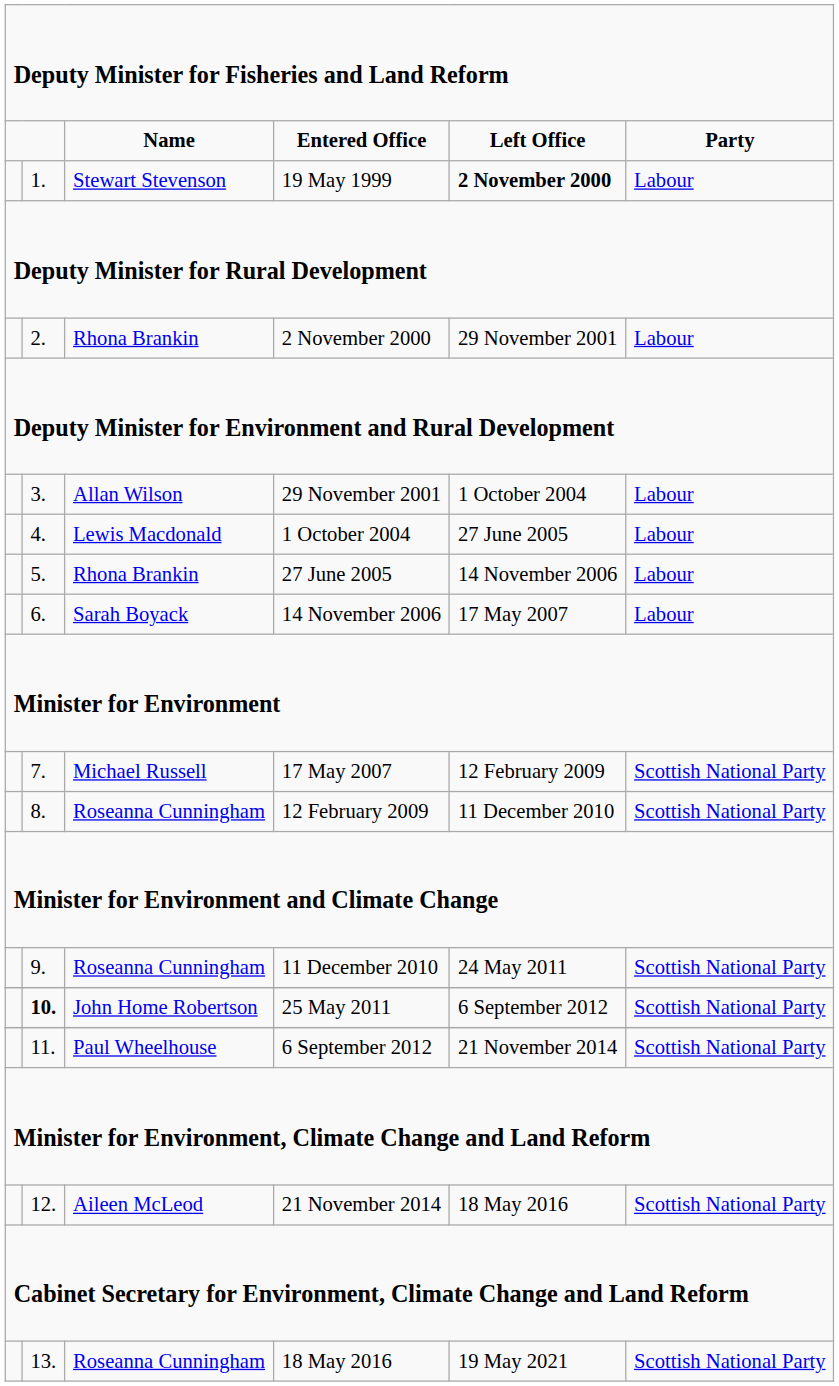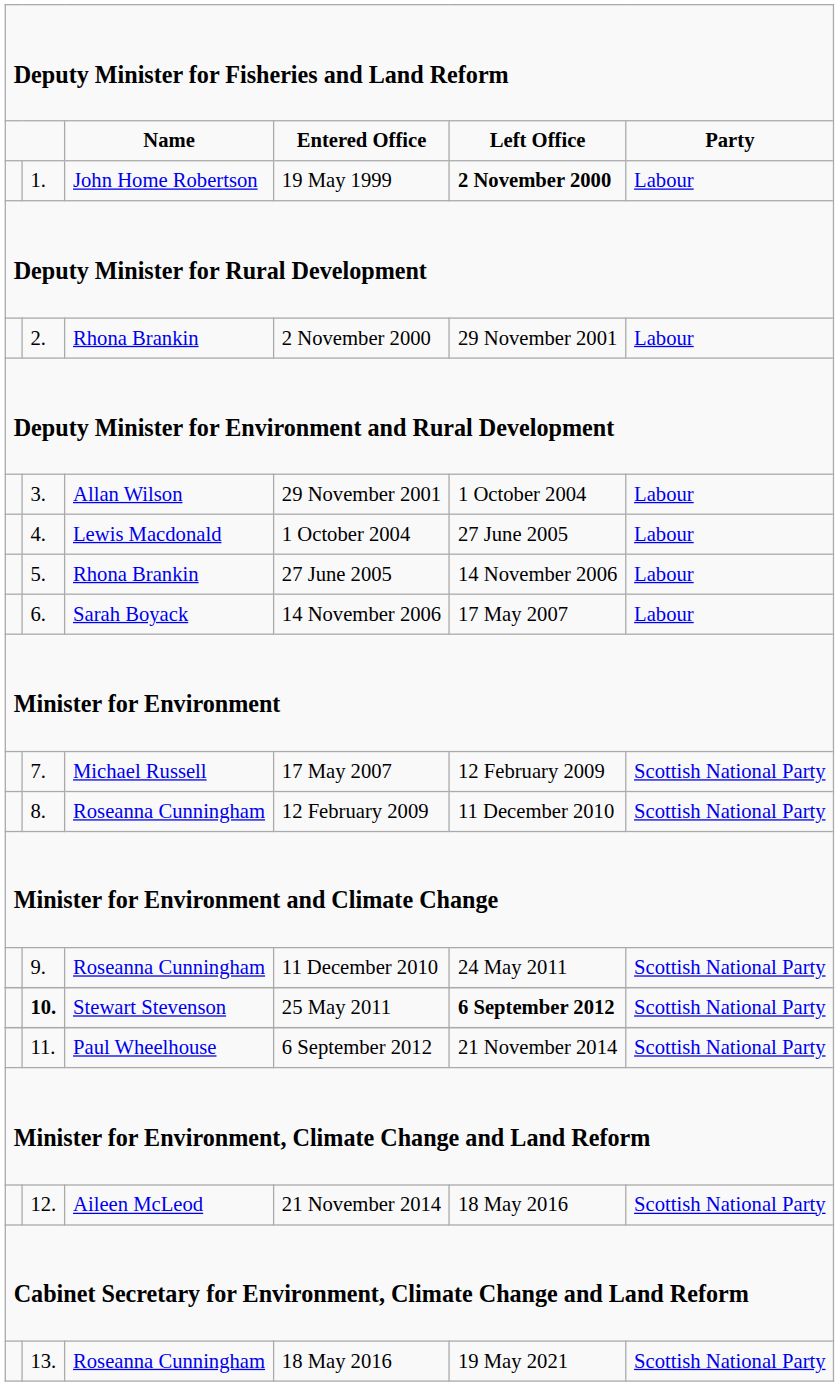 <table border="1" cellpadding="6" cellspacing="0" style="margin: 0 0 0 1em; background: #f9f9f9; border: 1px #aaaaaa solid; border-collapse: collapse; ">
 <tr>
 <td colspan="6"><br><h3>Deputy Minister for Fisheries and Land Reform</h3></td>
 </tr>
 <tr>
 <th colspan="2"></th>
 <th>Name</th>
 <th>Entered Office</th>
 <th>Left Office</th>
 <th>Party</th>
 </tr>
 <tr>
 <td></td>
 <td>1.</td>
-<td><a href='#'>Stewart Stevenson</a></td>
+<td><a href='#'>John Home Robertson</a></td>
 <td>19 May 1999</td>
 <td><strong>2 November 2000</strong></td>
 <td><a href='#'>Labour</a></td>
 </tr>
 <tr>
 <td colspan="6"><br><h3>Deputy Minister for Rural Development</h3></td>
 </tr>
 <tr>
 <td></td>
 <td>2.</td>
 <td><a href='#'>Rhona Brankin</a></td>
 <td>2 November 2000</td>
 <td>29 November 2001</td>
 <td><a href='#'>Labour</a></td>
 </tr>
 <tr>
 <td colspan="6"><br><h3>Deputy Minister for Environment and Rural Development</h3></td>
 </tr>
 <tr>
 <td></td>
 <td>3.</td>
 <td><a href='#'>Allan Wilson</a></td>
 <td>29 November 2001</td>
 <td>1 October 2004</td>
 <td><a href='#'>Labour</a></td>
 </tr>
 <tr>
 <td></td>
 <td>4.</td>
 <td><a href='#'>Lewis Macdonald</a></td>
 <td>1 October 2004</td>
 <td>27 June 2005</td>
 <td><a href='#'>Labour</a></td>
 </tr>
 <tr>
 <td></td>
 <td>5.</td>
 <td><a href='#'>Rhona Brankin</a></td>
 <td>27 June 2005</td>
 <td>14 November 2006</td>
 <td><a href='#'>Labour</a></td>
 </tr>
 <tr>
 <td></td>
 <td>6.</td>
 <td><a href='#'>Sarah Boyack</a></td>
 <td>14 November 2006</td>
 <td>17 May 2007</td>
 <td><a href='#'>Labour</a></td>
 </tr>
 <tr>
 <td colspan="6"><br><h3>Minister for Environment</h3></td>
 </tr>
 <tr>
 <td></td>
 <td>7.</td>
 <td><a href='#'>Michael Russell</a></td>
 <td>17 May 2007</td>
 <td>12 February 2009</td>
 <td><a href='#'>Scottish National Party</a></td>
 </tr>
 <tr>
 <td></td>
 <td>8.</td>
 <td><a href='#'>Roseanna Cunningham</a></td>
 <td>12 February 2009</td>
 <td>11 December 2010</td>
 <td><a href='#'>Scottish National Party</a></td>
 </tr>
 <tr>
 <td colspan="6"><br><h3>Minister for Environment and Climate Change</h3></td>
 </tr>
 <tr>
 <td></td>
 <td>9.</td>
 <td><a href='#'>Roseanna Cunningham</a></td>
 <td>11 December 2010</td>
 <td>24 May 2011</td>
 <td><a href='#'>Scottish National Party</a></td>
 </tr>
 <tr>
 </tr>
 <tr>
 <td></td>
 <td><strong>10.</strong></td>
-<td><a href='#'>John Home Robertson</a></td>
+<td><a href='#'>Stewart Stevenson</a></td>
 <td>25 May 2011</td>
-<td>6 September 2012</td>
+<td><strong>6 September 2012</strong></td>
 <td><a href='#'>Scottish National Party</a></td>
 </tr>
 <tr>
 </tr>
 <tr>
 <td></td>
 <td>11.</td>
 <td><a href='#'>Paul Wheelhouse</a></td>
 <td>6 September 2012</td>
 <td>21 November 2014</td>
 <td><a href='#'>Scottish National Party</a></td>
 </tr>
 <tr>
 <td colspan="6"><br><h3>Minister for Environment, Climate Change and Land Reform</h3></td>
 </tr>
 <tr>
 <td></td>
 <td>12.</td>
 <td><a href='#'>Aileen McLeod</a></td>
 <td>21 November 2014</td>
 <td>18 May 2016</td>
 <td><a href='#'>Scottish National Party</a></td>
 </tr>
 <tr>
 <td colspan="6"><br><h3>Cabinet Secretary for Environment, Climate Change and Land Reform</h3></td>
 </tr>
 <tr>
 <td></td>
 <td>13.</td>
 <td><a href='#'>Roseanna Cunningham</a></td>
 <td>18 May 2016</td>
 <td>19 May 2021</td>
 <td><a href='#'>Scottish National Party</a></td>
 </tr>
 </table>
